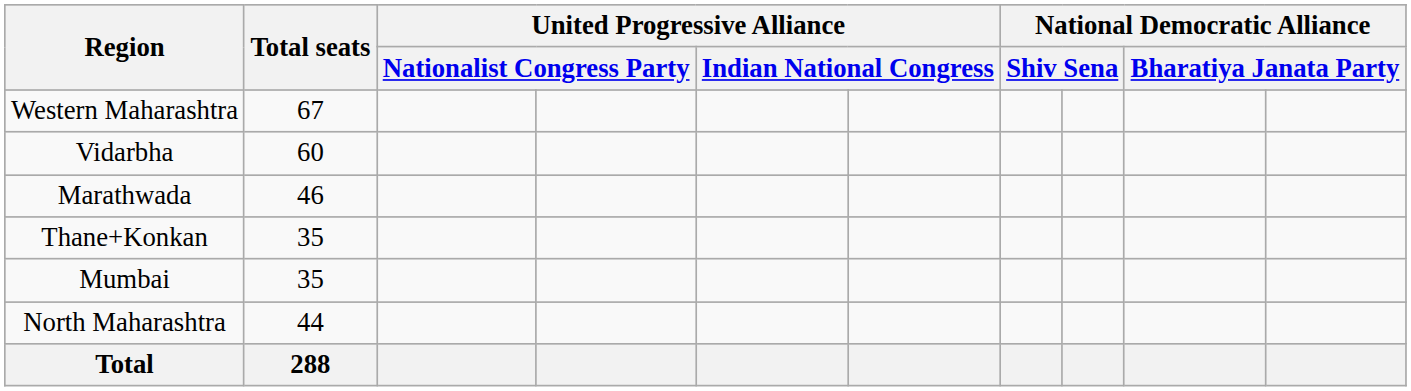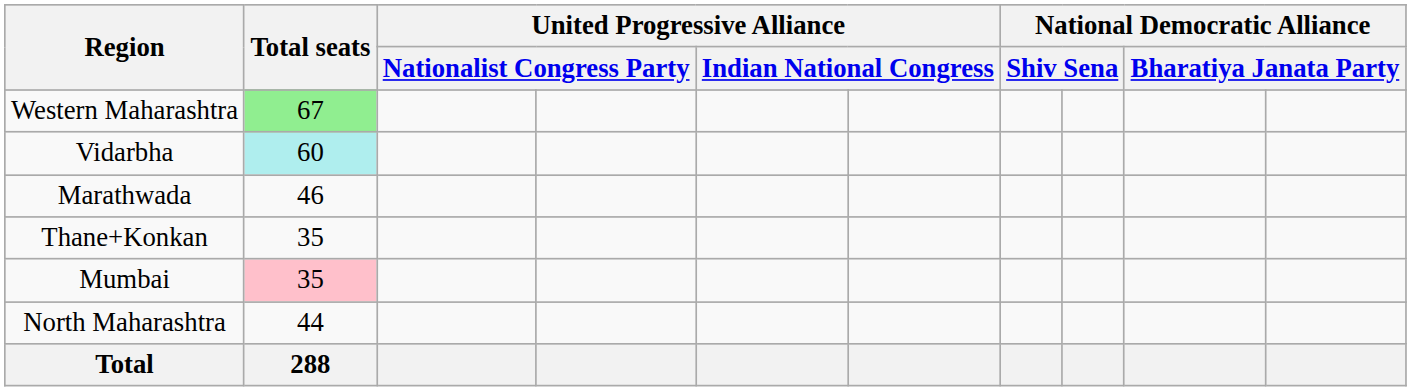 <table class="wikitable" style="text-align:center;">
 <tr>
 <th rowspan="2">Region</th>
 <th rowspan="2">Total seats</th>
 <th colspan="4">United Progressive Alliance</th>
 <th colspan="4">National Democratic Alliance</th>
 </tr>
 <tr>
 <th colspan="2"><a href='#'>Nationalist Congress Party</a></th>
 <th colspan="2"><a href='#'>Indian National Congress</a></th>
 <th colspan="2"><a href='#'>Shiv Sena</a></th>
 <th colspan="2"><a href='#'>Bharatiya Janata Party</a></th>
 </tr>
 <tr>
 <td>Western Maharashtra</td>
-<td>67</td>
+<td style="background: lightgreen;">67</td>
 <td></td>
 <td></td>
 <td></td>
 <td></td>
 <td></td>
 <td></td>
 <td></td>
 <td></td>
 </tr>
 <tr>
 <td>Vidarbha</td>
-<td>60</td>
+<td style="background: paleturquoise;">60</td>
 <td></td>
 <td></td>
 <td></td>
 <td></td>
 <td></td>
 <td></td>
 <td></td>
 <td></td>
 </tr>
 <tr>
 <td>Marathwada</td>
 <td>46</td>
 <td></td>
 <td></td>
 <td></td>
 <td></td>
 <td></td>
 <td></td>
 <td></td>
 <td></td>
 </tr>
 <tr>
 <td>Thane+Konkan</td>
 <td>35</td>
 <td></td>
 <td></td>
 <td></td>
 <td></td>
 <td></td>
 <td></td>
 <td></td>
 <td></td>
 </tr>
 <tr>
 <td>Mumbai</td>
-<td>35</td>
+<td style="background: pink;">35</td>
 <td></td>
 <td></td>
 <td></td>
 <td></td>
 <td></td>
 <td></td>
 <td></td>
 <td></td>
 </tr>
 <tr>
 <td>North Maharashtra</td>
 <td>44</td>
 <td></td>
 <td></td>
 <td></td>
 <td></td>
 <td></td>
 <td></td>
 <td></td>
 <td></td>
 </tr>
 <tr>
 <th><strong>Total</strong></th>
 <th><strong>288</strong></th>
 <th></th>
 <th></th>
 <th></th>
 <th></th>
 <th></th>
 <th></th>
 <th></th>
 <th></th>
 </tr>
 </table>
